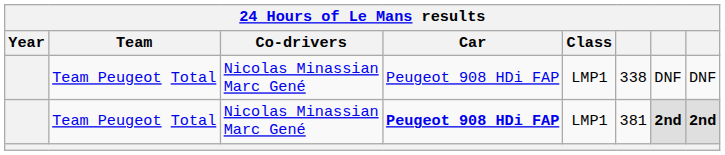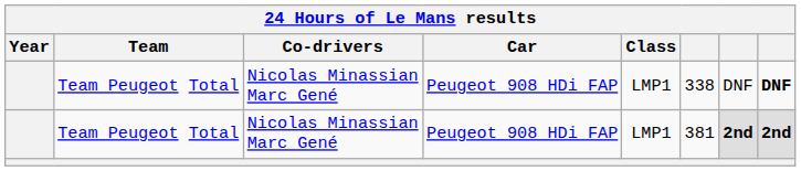 <table class="wikitable" style="text-align:center; font-size:90%">
 <tr>
 <th colspan=8><a href='#'>24 Hours of Le Mans</a> results</th>
 </tr>
 <tr>
 <th scope="col">Year</th>
 <th scope="col">Team</th>
 <th scope="col">Co-drivers</th>
 <th scope="col">Car</th>
 <th scope="col">Class</th>
 <th scope="col"></th>
 <th scope="col"></th>
 <th scope="col"></th>
 </tr>
 <tr>
 <th scope="row"></th>
 <td align="left" nowrap> <a href='#'>Team Peugeot</a> <a href='#'>Total</a></td>
 <td align="left" nowrap> <a href='#'>Nicolas Minassian</a><br> <a href='#'>Marc Gené</a></td>
 <td align="left" nowrap><a href='#'>Peugeot 908 HDi FAP</a></td>
 <td>LMP1</td>
 <td>338</td>
 <td>DNF</td>
-<td>DNF</td>
+<td><strong>DNF</strong></td>
 </tr>
 <tr>
 <th scope="row"></th>
 <td align="left" nowrap> <a href='#'>Team Peugeot</a> <a href='#'>Total</a></td>
 <td align="left" nowrap> <a href='#'>Nicolas Minassian</a><br> <a href='#'>Marc Gené</a></td>
-<td align="left" nowrap><strong><a href='#'>Peugeot 908 HDi FAP</a></strong></td>
+<td align="left" nowrap><a href='#'>Peugeot 908 HDi FAP</a></td>
 <td>LMP1</td>
 <td align=center>381</td>
 <td style="background:#DFDFDF;"><strong>2nd</strong></td>
 <td style="background:#DFDFDF;"><strong>2nd</strong></td>
 </tr>
 <tr>
 <th colspan="8"></th>
 </tr>
 </table>
